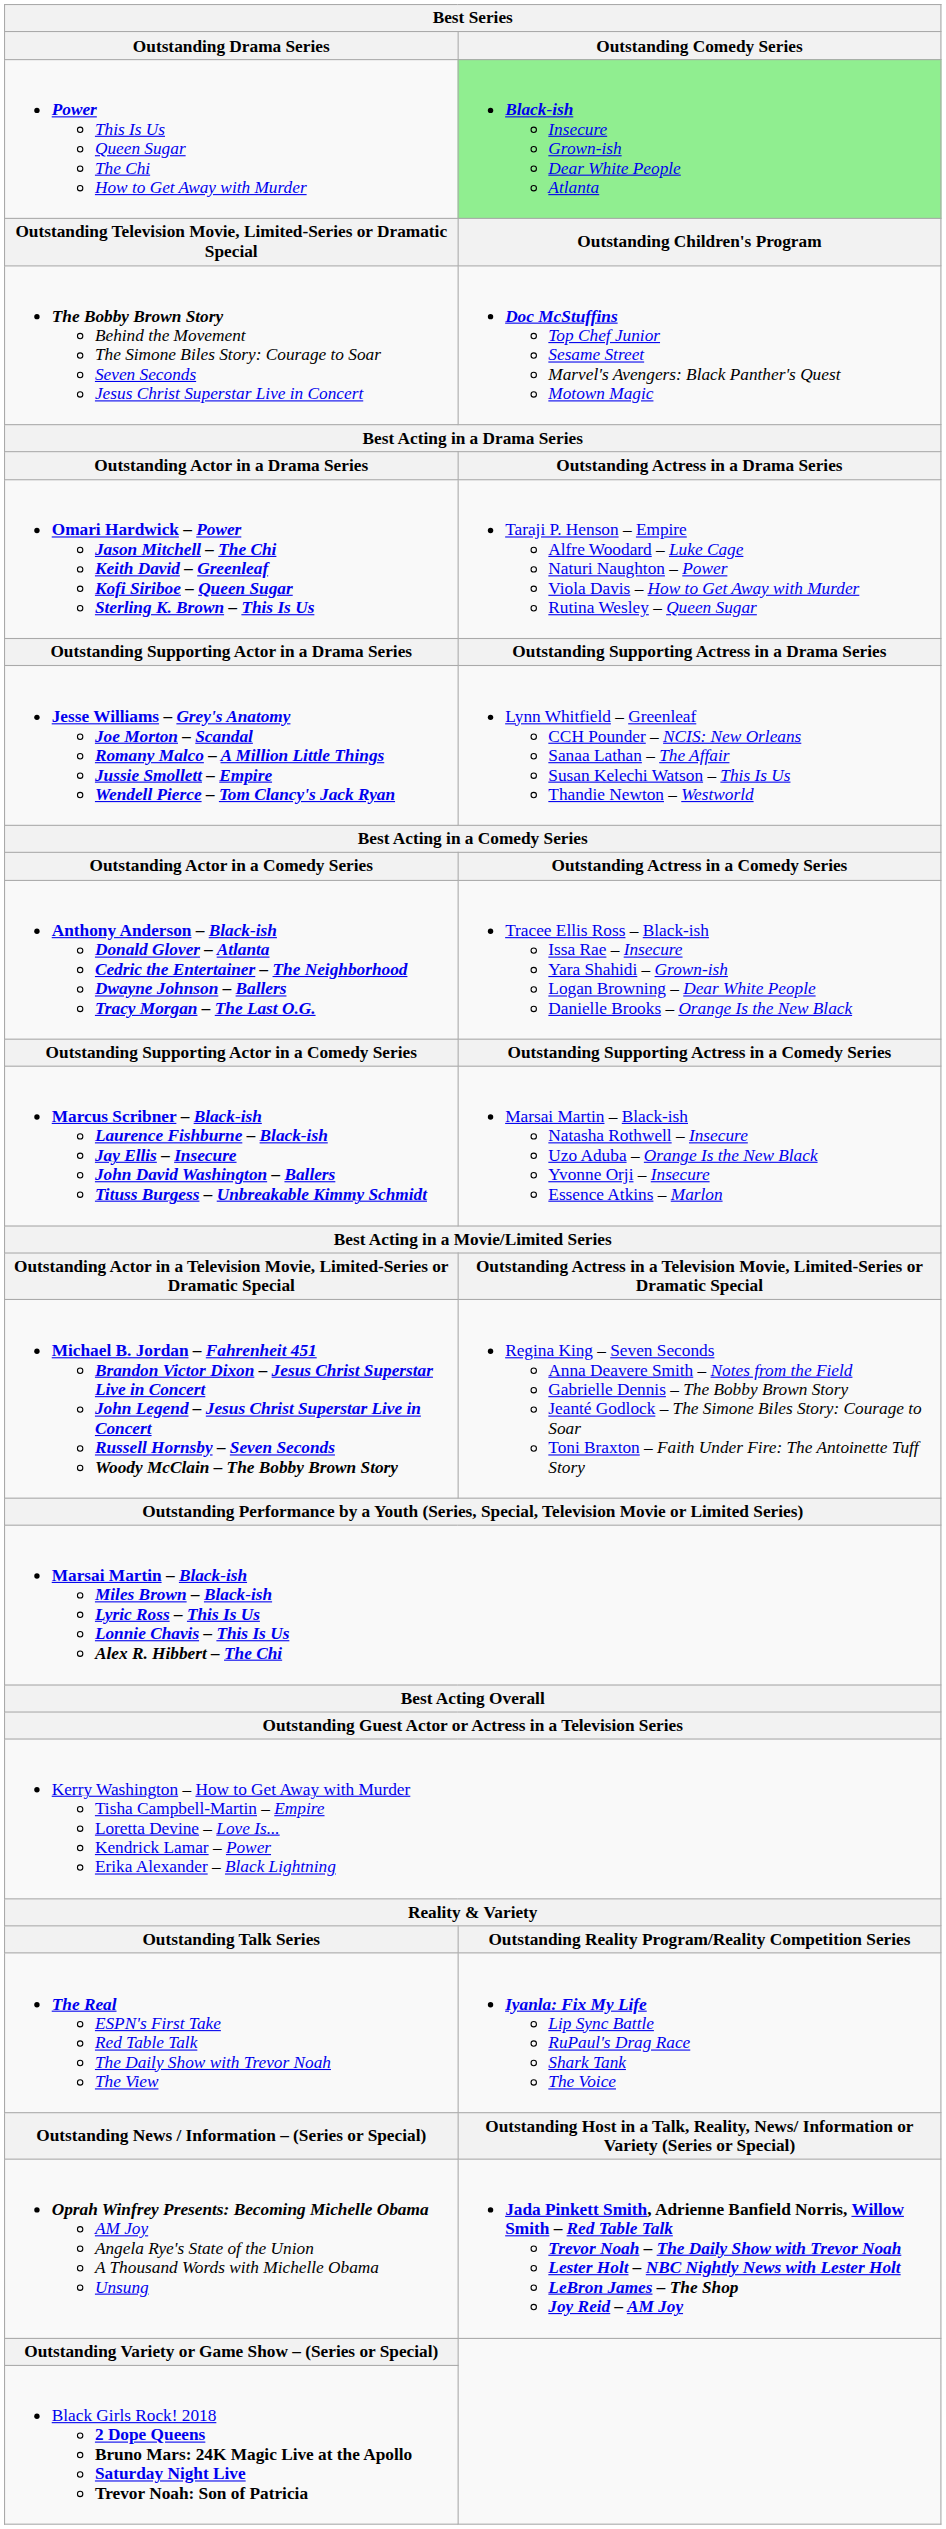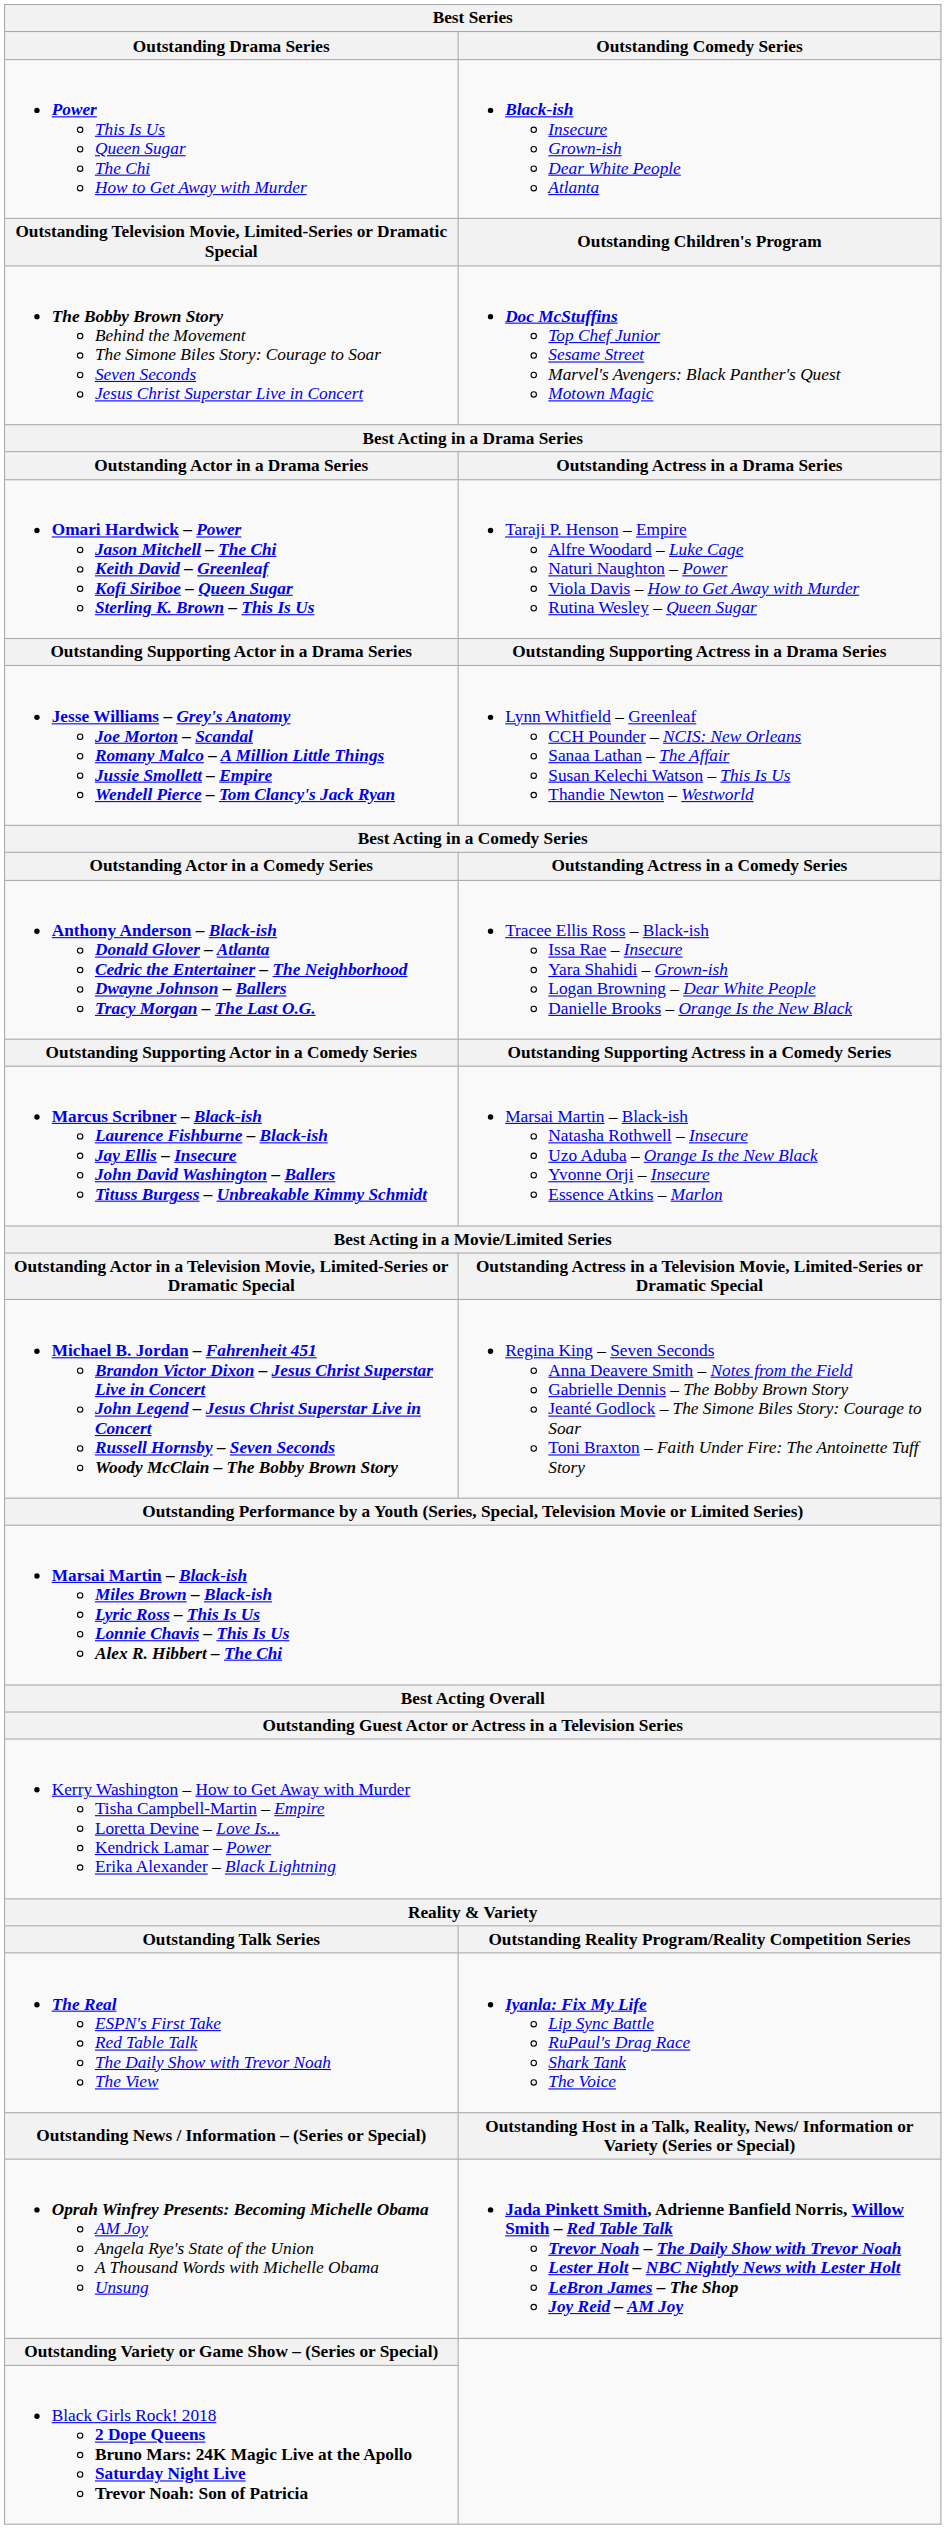 <table class=wikitable style="width=72%">
 <tr>
 <th colspan="2">Best Series</th>
 </tr>
 <tr>
 <th style="width=50%">Outstanding Drama Series</th>
 <th style="width=50%">Outstanding Comedy Series</th>
 </tr>
 <tr>
 <td valign="top"><br><ul><li><strong><em><a href='#'>Power</a></em></strong><ul><li><em><a href='#'>This Is Us</a></em></li><li><em><a href='#'>Queen Sugar</a></em></li><li><em><a href='#'>The Chi</a></em></li><li><em><a href='#'>How to Get Away with Murder</a></em></li></ul></li></ul></td>
-<td valign="top" style="background: lightgreen;"><br><ul><li><strong><em><a href='#'>Black-ish</a></em></strong><ul><li><em><a href='#'>Insecure</a></em></li><li><em><a href='#'>Grown-ish</a></em></li><li><em><a href='#'>Dear White People</a></em></li><li><em><a href='#'>Atlanta</a></em></li></ul></li></ul></td>
+<td valign="top"><br><ul><li><strong><em><a href='#'>Black-ish</a></em></strong><ul><li><em><a href='#'>Insecure</a></em></li><li><em><a href='#'>Grown-ish</a></em></li><li><em><a href='#'>Dear White People</a></em></li><li><em><a href='#'>Atlanta</a></em></li></ul></li></ul></td>
 </tr>
 <tr>
 <th>Outstanding Television Movie, Limited-Series or Dramatic Special</th>
 <th>Outstanding Children's Program</th>
 </tr>
 <tr>
 <td valign="top"><br><ul><li><strong><em>The Bobby Brown Story</em></strong><ul><li><em>Behind the Movement</em></li><li><em>The Simone Biles Story: Courage to Soar</em></li><li><em><a href='#'>Seven Seconds</a></em></li><li><em><a href='#'>Jesus Christ Superstar Live in Concert</a></em></li></ul></li></ul></td>
 <td valign="top"><br><ul><li><strong><em><a href='#'>Doc McStuffins</a></em></strong><ul><li><em><a href='#'>Top Chef Junior</a></em></li><li><em><a href='#'>Sesame Street</a></em></li><li><em>Marvel's Avengers: Black Panther's Quest</em></li><li><em><a href='#'>Motown Magic</a></em></li></ul></li></ul></td>
 </tr>
 <tr>
 <th colspan="2">Best Acting in a Drama Series</th>
 </tr>
 <tr>
 <th>Outstanding Actor in a Drama Series</th>
 <th>Outstanding Actress in a Drama Series</th>
 </tr>
 <tr>
 <td valign="top"><br><ul><li><strong><a href='#'>Omari Hardwick</a> – <em><a href='#'>Power</a><strong><em><ul><li><a href='#'>Jason Mitchell</a> – </em><a href='#'>The Chi</a><em></li><li><a href='#'>Keith David</a> – </em><a href='#'>Greenleaf</a><em></li><li><a href='#'>Kofi Siriboe</a> – </em><a href='#'>Queen Sugar</a><em></li><li><a href='#'>Sterling K. Brown</a> – </em><a href='#'>This Is Us</a><em></li></ul></li></ul></td>
 <td valign="top"><br><ul><li></strong><a href='#'>Taraji P. Henson</a> – </em><a href='#'>Empire</a></em></strong><ul><li><a href='#'>Alfre Woodard</a> – <em><a href='#'>Luke Cage</a></em></li><li><a href='#'>Naturi Naughton</a> – <em><a href='#'>Power</a></em></li><li><a href='#'>Viola Davis</a> – <em><a href='#'>How to Get Away with Murder</a></em></li><li><a href='#'>Rutina Wesley</a> – <em><a href='#'>Queen Sugar</a></em></li></ul></li></ul></td>
 </tr>
 <tr>
 <th>Outstanding Supporting Actor in a Drama Series</th>
 <th>Outstanding Supporting Actress in a Drama Series</th>
 </tr>
 <tr>
 <td valign="top"><br><ul><li><strong><a href='#'>Jesse Williams</a> – <em><a href='#'>Grey's Anatomy</a><strong><em><ul><li><a href='#'>Joe Morton</a> – </em><a href='#'>Scandal</a><em></li><li><a href='#'>Romany Malco</a> – </em><a href='#'>A Million Little Things</a><em></li><li><a href='#'>Jussie Smollett</a> – </em><a href='#'>Empire</a><em></li><li><a href='#'>Wendell Pierce</a> – </em><a href='#'>Tom Clancy's Jack Ryan</a><em></li></ul></li></ul></td>
 <td valign="top"><br><ul><li></strong><a href='#'>Lynn Whitfield</a> – </em><a href='#'>Greenleaf</a></em></strong><ul><li><a href='#'>CCH Pounder</a> – <em><a href='#'>NCIS: New Orleans</a></em></li><li><a href='#'>Sanaa Lathan</a> – <em><a href='#'>The Affair</a></em></li><li><a href='#'>Susan Kelechi Watson</a> – <em><a href='#'>This Is Us</a></em></li><li><a href='#'>Thandie Newton</a> – <em><a href='#'>Westworld</a></em></li></ul></li></ul></td>
 </tr>
 <tr>
 <th colspan="2">Best Acting in a Comedy Series</th>
 </tr>
 <tr>
 <th>Outstanding Actor in a Comedy Series</th>
 <th>Outstanding Actress in a Comedy Series</th>
 </tr>
 <tr>
 <td valign="top"><br><ul><li><strong><a href='#'>Anthony Anderson</a> – <em><a href='#'>Black-ish</a><strong><em><ul><li><a href='#'>Donald Glover</a> – </em><a href='#'>Atlanta</a><em></li><li><a href='#'>Cedric the Entertainer</a> – </em><a href='#'>The Neighborhood</a><em></li><li><a href='#'>Dwayne Johnson</a> – </em><a href='#'>Ballers</a><em></li><li><a href='#'>Tracy Morgan</a> – </em><a href='#'>The Last O.G.</a><em></li></ul></li></ul></td>
 <td valign="top"><br><ul><li></strong><a href='#'>Tracee Ellis Ross</a> – </em><a href='#'>Black-ish</a></em></strong><ul><li><a href='#'>Issa Rae</a> – <em><a href='#'>Insecure</a></em></li><li><a href='#'>Yara Shahidi</a> – <em><a href='#'>Grown-ish</a></em></li><li><a href='#'>Logan Browning</a> – <em><a href='#'>Dear White People</a></em></li><li><a href='#'>Danielle Brooks</a> – <em><a href='#'>Orange Is the New Black</a></em></li></ul></li></ul></td>
 </tr>
 <tr>
 <th>Outstanding Supporting Actor in a Comedy Series</th>
 <th>Outstanding Supporting Actress in a Comedy Series</th>
 </tr>
 <tr>
 <td valign="top"><br><ul><li><strong><a href='#'>Marcus Scribner</a> – <em><a href='#'>Black-ish</a><strong><em><ul><li><a href='#'>Laurence Fishburne</a> – </em><a href='#'>Black-ish</a><em></li><li><a href='#'>Jay Ellis</a> – </em><a href='#'>Insecure</a><em></li><li><a href='#'>John David Washington</a> – </em><a href='#'>Ballers</a><em></li><li><a href='#'>Tituss Burgess</a> – </em><a href='#'>Unbreakable Kimmy Schmidt</a><em></li></ul></li></ul></td>
 <td valign="top"><br><ul><li></strong><a href='#'>Marsai Martin</a> – </em><a href='#'>Black-ish</a></em></strong><ul><li><a href='#'>Natasha Rothwell</a> – <em><a href='#'>Insecure</a></em></li><li><a href='#'>Uzo Aduba</a> – <em><a href='#'>Orange Is the New Black</a></em></li><li><a href='#'>Yvonne Orji</a> – <em><a href='#'>Insecure</a></em></li><li><a href='#'>Essence Atkins</a> – <em><a href='#'>Marlon</a></em></li></ul></li></ul></td>
 </tr>
 <tr>
 <th colspan="2">Best Acting in a Movie/Limited Series</th>
 </tr>
 <tr>
 <th>Outstanding Actor in a Television Movie, Limited-Series or Dramatic Special</th>
 <th>Outstanding Actress in a Television Movie, Limited-Series or Dramatic Special</th>
 </tr>
 <tr>
 <td valign="top"><br><ul><li><strong><a href='#'>Michael B. Jordan</a> – <em><a href='#'>Fahrenheit 451</a><strong><em><ul><li><a href='#'>Brandon Victor Dixon</a> – </em><a href='#'>Jesus Christ Superstar Live in Concert</a><em></li><li><a href='#'>John Legend</a> – </em><a href='#'>Jesus Christ Superstar Live in Concert</a><em></li><li><a href='#'>Russell Hornsby</a> – </em><a href='#'>Seven Seconds</a><em></li><li>Woody McClain – </em>The Bobby Brown Story<em></li></ul></li></ul></td>
 <td valign="top"><br><ul><li></strong><a href='#'>Regina King</a> – </em><a href='#'>Seven Seconds</a></em></strong><ul><li><a href='#'>Anna Deavere Smith</a> – <em><a href='#'>Notes from the Field</a></em></li><li><a href='#'>Gabrielle Dennis</a> – <em>The Bobby Brown Story</em></li><li><a href='#'>Jeanté Godlock</a> – <em>The Simone Biles Story: Courage to Soar</em></li><li><a href='#'>Toni Braxton</a> – <em>Faith Under Fire: The Antoinette Tuff Story</em></li></ul></li></ul></td>
 </tr>
 <tr>
 <th colspan="2">Outstanding Performance by a Youth (Series, Special, Television Movie or Limited Series)</th>
 </tr>
 <tr>
 <td valign="top" colspan="2"><br><ul><li><strong><a href='#'>Marsai Martin</a> – <em><a href='#'>Black-ish</a><strong><em><ul><li><a href='#'>Miles Brown</a> – </em><a href='#'>Black-ish</a><em></li><li><a href='#'>Lyric Ross</a> – </em><a href='#'>This Is Us</a><em></li><li><a href='#'>Lonnie Chavis</a> – </em><a href='#'>This Is Us</a><em></li><li>Alex R. Hibbert – </em><a href='#'>The Chi</a><em></li></ul></li></ul></td>
 </tr>
 <tr>
 <th colspan="2">Best Acting Overall</th>
 </tr>
 <tr>
 <th colspan="2">Outstanding Guest Actor or Actress in a Television Series</th>
 </tr>
 <tr>
 <td valign="top" colspan="2"><br><ul><li></strong><a href='#'>Kerry Washington</a> – </em><a href='#'>How to Get Away with Murder</a></em></strong><ul><li><a href='#'>Tisha Campbell-Martin</a> – <em><a href='#'>Empire</a></em></li><li><a href='#'>Loretta Devine</a> – <em><a href='#'>Love Is...</a></em></li><li><a href='#'>Kendrick Lamar</a> – <em><a href='#'>Power</a></em></li><li><a href='#'>Erika Alexander</a> – <em><a href='#'>Black Lightning</a></em></li></ul></li></ul></td>
 </tr>
 <tr>
 <th colspan="2">Reality & Variety</th>
 </tr>
 <tr>
 <th>Outstanding Talk Series</th>
 <th>Outstanding Reality Program/Reality Competition Series</th>
 </tr>
 <tr>
 <td valign="top"><br><ul><li><strong><em><a href='#'>The Real</a></em></strong><ul><li><em><a href='#'>ESPN's First Take</a></em></li><li><em><a href='#'>Red Table Talk</a></em></li><li><em><a href='#'>The Daily Show with Trevor Noah</a></em></li><li><em><a href='#'>The View</a></em></li></ul></li></ul></td>
 <td valign="top"><br><ul><li><strong><em><a href='#'>Iyanla: Fix My Life</a></em></strong><ul><li><em><a href='#'>Lip Sync Battle</a></em></li><li><em><a href='#'>RuPaul's Drag Race</a></em></li><li><em><a href='#'>Shark Tank</a></em></li><li><em><a href='#'>The Voice</a></em></li></ul></li></ul></td>
 </tr>
 <tr>
 <th>Outstanding News / Information – (Series or Special)</th>
 <th>Outstanding Host in a Talk, Reality, News/ Information or Variety (Series or Special)</th>
 </tr>
 <tr>
 <td valign="top"><br><ul><li><strong><em>Oprah Winfrey Presents: Becoming Michelle Obama</em></strong><ul><li><em><a href='#'>AM Joy</a></em></li><li><em>Angela Rye's State of the Union</em></li><li><em>A Thousand Words with Michelle Obama</em></li><li><em><a href='#'>Unsung</a></em></li></ul></li></ul></td>
 <td valign="top"><br><ul><li><strong><a href='#'>Jada Pinkett Smith</a>, Adrienne Banfield Norris, <a href='#'>Willow Smith</a> – <em><a href='#'>Red Table Talk</a><strong><em><ul><li><a href='#'>Trevor Noah</a> – </em><a href='#'>The Daily Show with Trevor Noah</a><em></li><li><a href='#'>Lester Holt</a> – </em><a href='#'>NBC Nightly News with Lester Holt</a><em></li><li><a href='#'>LeBron James</a> – </em>The Shop<em></li><li><a href='#'>Joy Reid</a> – </em><a href='#'>AM Joy</a><em></li></ul></li></ul></td>
 </tr>
 <tr>
 <th>Outstanding Variety or Game Show – (Series or Special)</th>
 </tr>
 <tr>
 <td valign="top"><br><ul><li></em></strong><a href='#'>Black Girls Rock! 2018</a><strong><em><ul><li></em><a href='#'>2 Dope Queens</a><em></li><li></em>Bruno Mars: 24K Magic Live at the Apollo<em></li><li></em><a href='#'>Saturday Night Live</a><em></li><li></em>Trevor Noah: Son of Patricia<em></li></ul></li></ul></td>
 </tr>
 </table>
